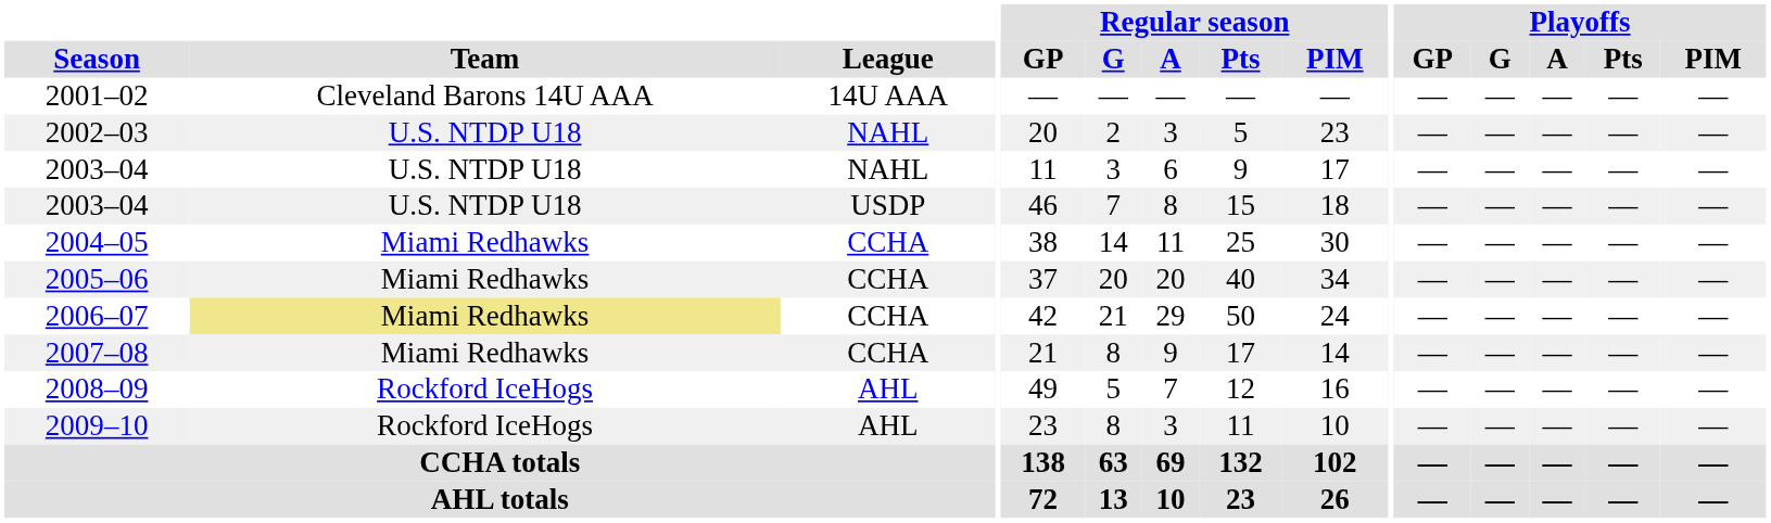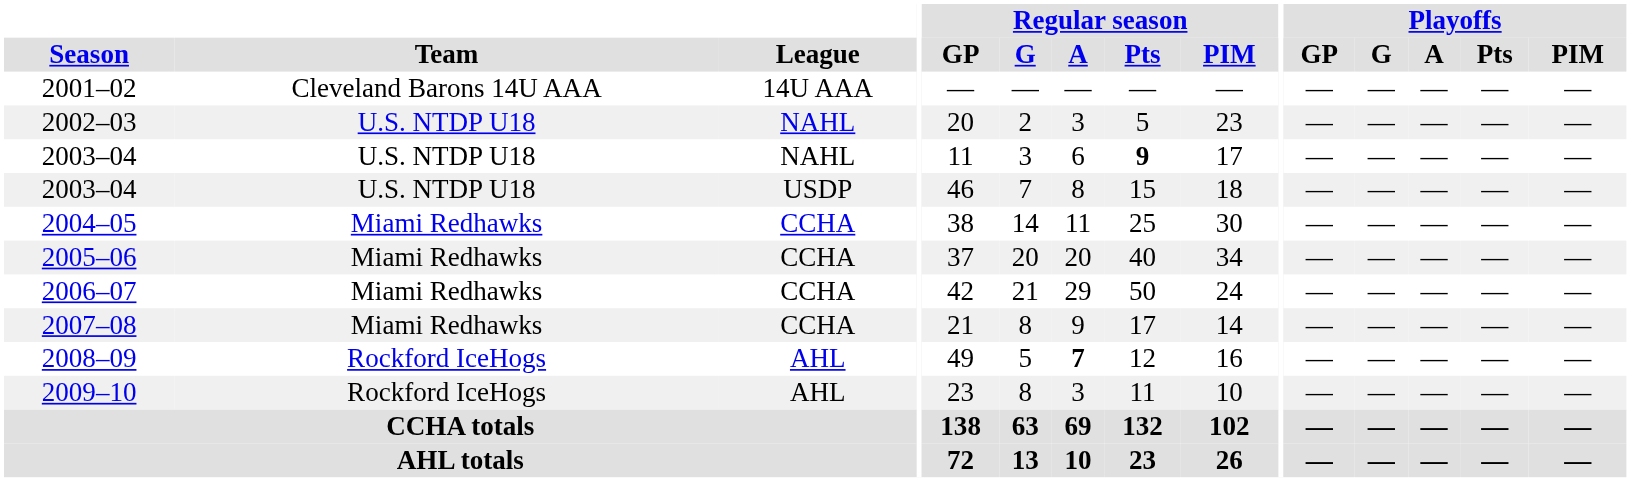 <table border="0" cellpadding="1" cellspacing="0" style="text-align:center; width:60em">
 <tr bgcolor="#e0e0e0">
 <th colspan="3" bgcolor="#ffffff"></th>
 <th rowspan="100" bgcolor="#ffffff"></th>
 <th colspan="5"><a href='#'>Regular season</a></th>
 <th rowspan="100" bgcolor="#ffffff"></th>
 <th colspan="5"><a href='#'>Playoffs</a></th>
 </tr>
 <tr bgcolor="#e0e0e0">
 <th><a href='#'>Season</a></th>
 <th>Team</th>
 <th>League</th>
 <th>GP</th>
 <th><a href='#'>G</a></th>
 <th><a href='#'>A</a></th>
 <th><a href='#'>Pts</a></th>
 <th><a href='#'>PIM</a></th>
 <th>GP</th>
 <th>G</th>
 <th>A</th>
 <th>Pts</th>
 <th>PIM</th>
 </tr>
 <tr>
 <td>2001–02</td>
 <td>Cleveland Barons 14U AAA</td>
 <td>14U AAA</td>
 <td>—</td>
 <td>—</td>
 <td>—</td>
 <td>—</td>
 <td>—</td>
 <td>—</td>
 <td>—</td>
 <td>—</td>
 <td>—</td>
 <td>—</td>
 </tr>
 <tr bgcolor="f0f0f0">
 <td>2002–03</td>
 <td><a href='#'>U.S. NTDP U18</a></td>
 <td><a href='#'>NAHL</a></td>
 <td>20</td>
 <td>2</td>
 <td>3</td>
 <td>5</td>
 <td>23</td>
 <td>—</td>
 <td>—</td>
 <td>—</td>
 <td>—</td>
 <td>—</td>
 </tr>
 <tr>
 <td>2003–04</td>
 <td>U.S. NTDP U18</td>
 <td>NAHL</td>
 <td>11</td>
 <td>3</td>
 <td>6</td>
-<td>9</td>
+<td><strong>9</strong></td>
 <td>17</td>
 <td>—</td>
 <td>—</td>
 <td>—</td>
 <td>—</td>
 <td>—</td>
 </tr>
 <tr bgcolor="f0f0f0">
 <td>2003–04</td>
 <td>U.S. NTDP U18</td>
 <td>USDP</td>
 <td>46</td>
 <td>7</td>
 <td>8</td>
 <td>15</td>
 <td>18</td>
 <td>—</td>
 <td>—</td>
 <td>—</td>
 <td>—</td>
 <td>—</td>
 </tr>
 <tr>
 <td><a href='#'>2004–05</a></td>
 <td><a href='#'>Miami Redhawks</a></td>
 <td><a href='#'>CCHA</a></td>
 <td>38</td>
 <td>14</td>
 <td>11</td>
 <td>25</td>
 <td>30</td>
 <td>—</td>
 <td>—</td>
 <td>—</td>
 <td>—</td>
 <td>—</td>
 </tr>
 <tr bgcolor="f0f0f0">
 <td><a href='#'>2005–06</a></td>
 <td>Miami Redhawks</td>
 <td>CCHA</td>
 <td>37</td>
 <td>20</td>
 <td>20</td>
 <td>40</td>
 <td>34</td>
 <td>—</td>
 <td>—</td>
 <td>—</td>
 <td>—</td>
 <td>—</td>
 </tr>
 <tr>
 <td><a href='#'>2006–07</a></td>
-<td style="background: khaki;">Miami Redhawks</td>
+<td>Miami Redhawks</td>
 <td>CCHA</td>
 <td>42</td>
 <td>21</td>
 <td>29</td>
 <td>50</td>
 <td>24</td>
 <td>—</td>
 <td>—</td>
 <td>—</td>
 <td>—</td>
 <td>—</td>
 </tr>
 <tr bgcolor="f0f0f0">
 <td><a href='#'>2007–08</a></td>
 <td>Miami Redhawks</td>
 <td>CCHA</td>
 <td>21</td>
 <td>8</td>
 <td>9</td>
 <td>17</td>
 <td>14</td>
 <td>—</td>
 <td>—</td>
 <td>—</td>
 <td>—</td>
 <td>—</td>
 </tr>
 <tr>
 <td><a href='#'>2008–09</a></td>
 <td><a href='#'>Rockford IceHogs</a></td>
 <td><a href='#'>AHL</a></td>
 <td>49</td>
 <td>5</td>
-<td>7</td>
+<td><strong>7</strong></td>
 <td>12</td>
 <td>16</td>
 <td>—</td>
 <td>—</td>
 <td>—</td>
 <td>—</td>
 <td>—</td>
 </tr>
 <tr bgcolor="f0f0f0">
 <td><a href='#'>2009–10</a></td>
 <td>Rockford IceHogs</td>
 <td>AHL</td>
 <td>23</td>
 <td>8</td>
 <td>3</td>
 <td>11</td>
 <td>10</td>
 <td>—</td>
 <td>—</td>
 <td>—</td>
 <td>—</td>
 <td>—</td>
 </tr>
 <tr bgcolor="#e0e0e0">
 <th colspan="3">CCHA totals</th>
 <th>138</th>
 <th>63</th>
 <th>69</th>
 <th>132</th>
 <th>102</th>
 <th>—</th>
 <th>—</th>
 <th>—</th>
 <th>—</th>
 <th>—</th>
 </tr>
 <tr bgcolor="#e0e0e0">
 <th colspan="3">AHL totals</th>
 <th>72</th>
 <th>13</th>
 <th>10</th>
 <th>23</th>
 <th>26</th>
 <th>—</th>
 <th>—</th>
 <th>—</th>
 <th>—</th>
 <th>—</th>
 </tr>
 </table>
